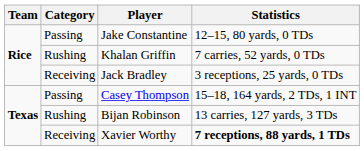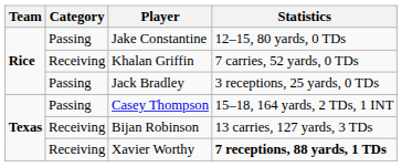 <table class="wikitable" style="float: right;">
 <tr>
 <th>Team</th>
 <th>Category</th>
 <th>Player</th>
 <th>Statistics</th>
 </tr>
 <tr>
 <td rowspan=3><strong>Rice</strong></td>
 <td>Passing</td>
 <td>Jake Constantine</td>
 <td>12–15, 80 yards, 0 TDs</td>
 </tr>
 <tr>
-<td>Rushing</td>
+<td>Receiving</td>
 <td>Khalan Griffin</td>
 <td>7 carries, 52 yards, 0 TDs</td>
 </tr>
 <tr>
-<td>Receiving</td>
+<td>Passing</td>
 <td>Jack Bradley</td>
 <td>3 receptions, 25 yards, 0 TDs</td>
 </tr>
 <tr>
 <td rowspan=3><strong>Texas</strong></td>
 <td>Passing</td>
 <td><a href='#'>Casey Thompson</a></td>
 <td>15–18, 164 yards, 2 TDs, 1 INT</td>
 </tr>
 <tr>
-<td>Rushing</td>
+<td>Receiving</td>
 <td>Bijan Robinson</td>
 <td>13 carries, 127 yards, 3 TDs</td>
 </tr>
 <tr>
 <td>Receiving</td>
 <td>Xavier Worthy</td>
 <td><strong>7 receptions, 88 yards, 1 TDs</strong></td>
 </tr>
 </table>
